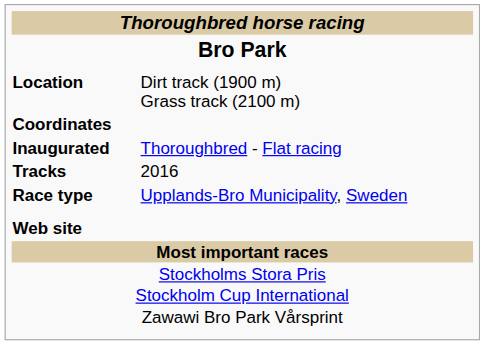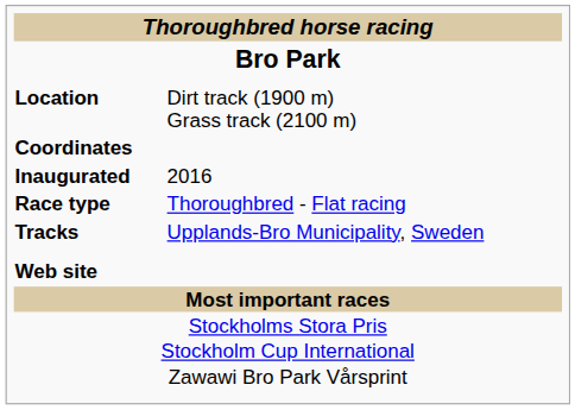 <table class="infobox" style="font-size:90%;width:28em;">
 <tr>
 <th style="font-size:110%;text-align:center;;background:#DACAA5;" colspan="2"><em>Thoroughbred horse racing</em></th>
 </tr>
 <tr>
 <th colspan="2" style="font-size:125%;text-align:center;">Bro Park</th>
 </tr>
 <tr>
 <th colspan="2"></th>
 </tr>
 <tr>
 <td><strong>Location</strong></td>
 <td>Dirt track (1900 m)<br> Grass track (2100 m)</td>
 </tr>
 <tr>
 <td><strong>Coordinates</strong></td>
 <td></td>
 </tr>
 <tr>
 <td><strong>Inaugurated</strong></td>
+<td>2016</td>
+</tr>
+<tr>
+<td><strong>Race type</strong></td>
 <td><a href='#'>Thoroughbred</a> - <a href='#'>Flat racing</a></td>
 </tr>
 <tr>
 <td><strong>Tracks</strong></td>
-<td>2016</td>
-</tr>
-<tr>
-<td><strong>Race type</strong></td>
 <td><a href='#'>Upplands-Bro Municipality</a>, <a href='#'>Sweden</a></td>
 </tr>
 <tr>
 <td></td>
 <td></td>
 </tr>
 <tr>
 <td></td>
 <td></td>
 </tr>
 <tr>
 <td><strong>Web site</strong></td>
 <td></td>
 </tr>
 <tr>
 <th style="background:#DACAA5;" colspan="2">Most important races</th>
 </tr>
 <tr>
 <td colspan="2" style="text-align:center;width:25em; padding:0px; border:none;"><a href='#'>Stockholms Stora Pris</a></td>
 </tr>
 <tr>
 <td colspan="2" style="text-align:center;width:25em; padding:0px; border:none;"><a href='#'>Stockholm Cup International</a></td>
 </tr>
 <tr>
 <td colspan="2" style="text-align:center;width:25em; padding:0px; border:none;">Zawawi Bro Park Vårsprint</td>
 </tr>
 <tr>
 <td></td>
 </tr>
 <tr>
 </tr>
 </table>
